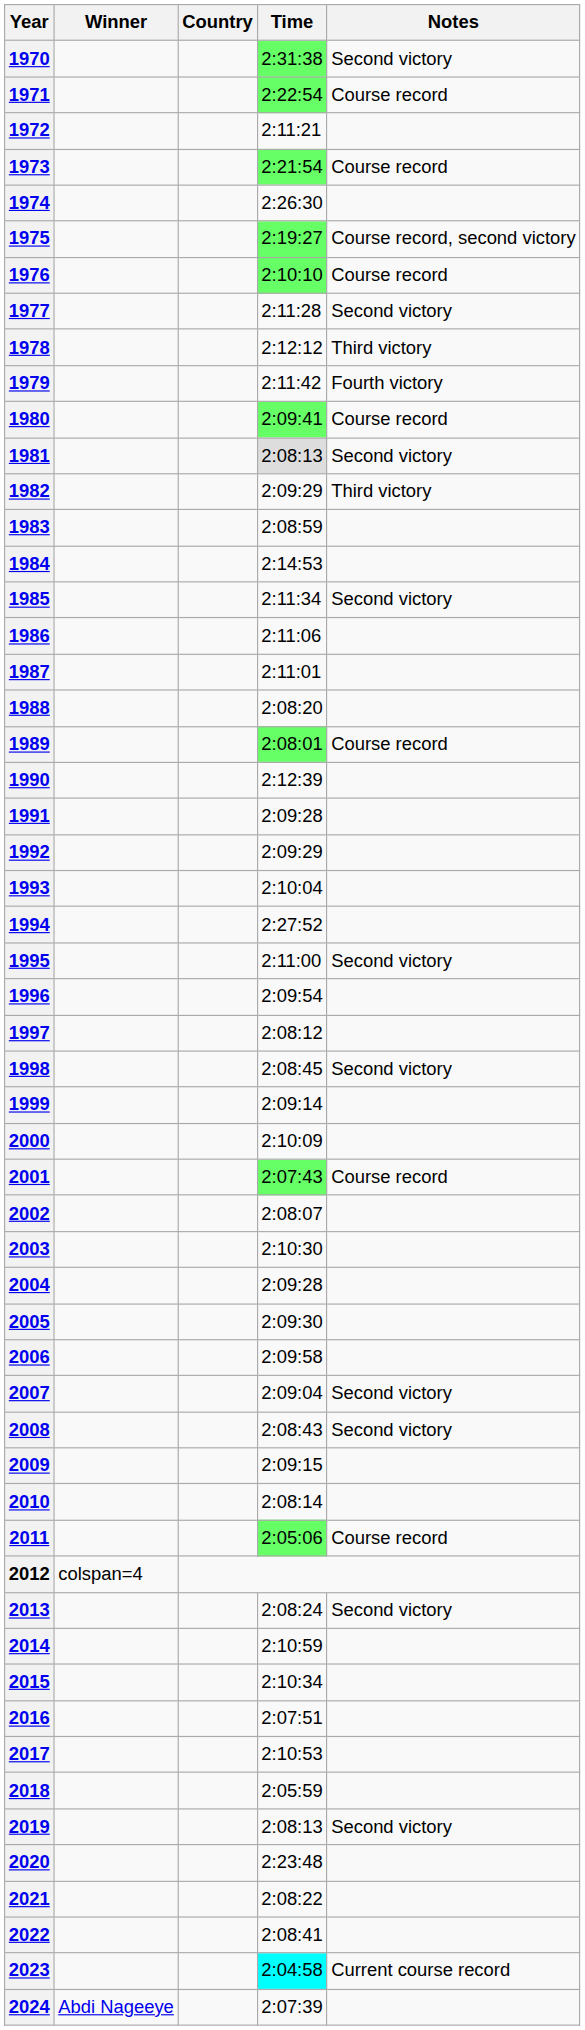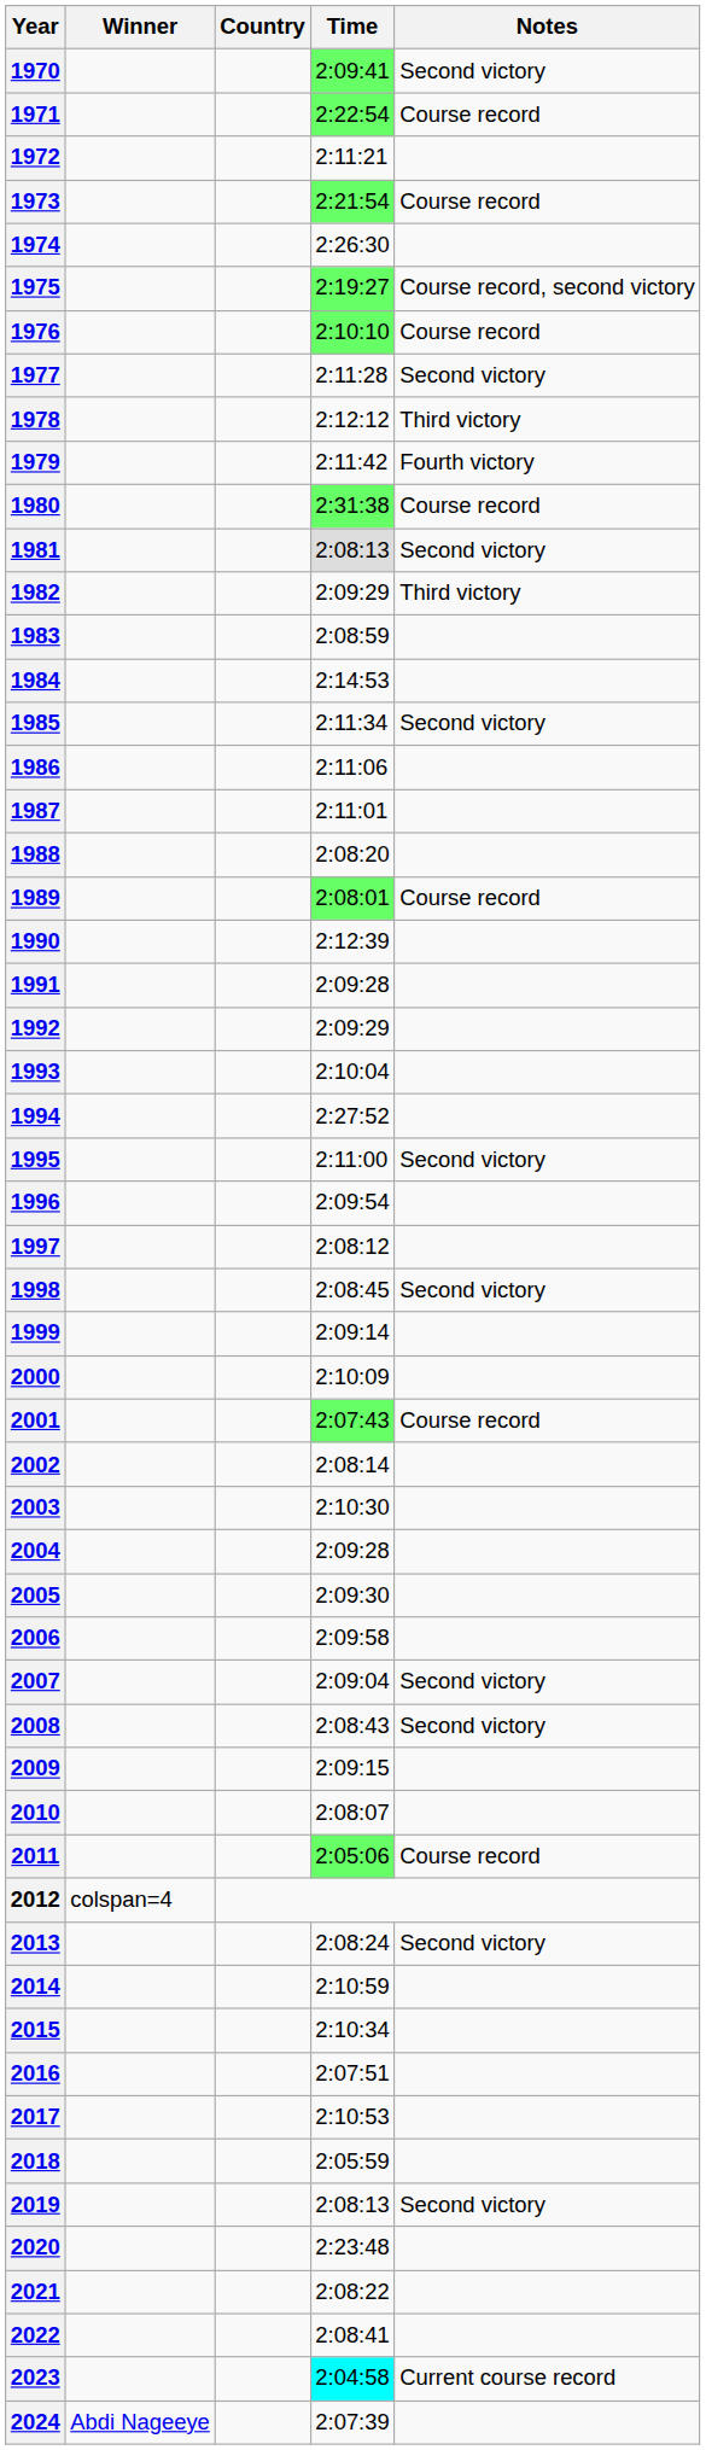 <table class="wikitable sortable" style="font-size:1.00em; line-height:1.5em;">
 <tr>
 <th scope="col">Year</th>
 <th scope="col">Winner</th>
 <th scope="col">Country</th>
 <th scope="col" data-sort-type="time">Time</th>
 <th scope="col" class="unsortable">Notes</th>
 </tr>
 <tr>
 <th scope="row"><a href='#'>1970</a></th>
 <td></td>
 <td></td>
-<td style="background-color:#66ff66">2:31:38</td>
+<td style="background-color:#66ff66">2:09:41</td>
 <td>Second victory</td>
 </tr>
 <tr>
 <th scope="row"><a href='#'>1971</a></th>
 <td></td>
 <td></td>
 <td style="background-color:#66ff66">2:22:54</td>
 <td>Course record</td>
 </tr>
 <tr>
 <th scope="row"><a href='#'>1972</a></th>
 <td></td>
 <td></td>
 <td>2:11:21</td>
 <td></td>
 </tr>
 <tr>
 <th scope="row"><a href='#'>1973</a></th>
 <td></td>
 <td></td>
 <td style="background-color:#66ff66">2:21:54</td>
 <td>Course record</td>
 </tr>
 <tr>
 <th scope="row"><a href='#'>1974</a></th>
 <td></td>
 <td></td>
 <td>2:26:30</td>
 <td></td>
 </tr>
 <tr>
 <th scope="row"><a href='#'>1975</a></th>
 <td></td>
 <td></td>
 <td style="background-color:#66ff66">2:19:27</td>
 <td>Course record, second victory</td>
 </tr>
 <tr>
 <th scope="row"><a href='#'>1976</a></th>
 <td></td>
 <td></td>
 <td style="background-color:#66ff66">2:10:10</td>
 <td>Course record</td>
 </tr>
 <tr>
 <th scope="row"><a href='#'>1977</a></th>
 <td></td>
 <td></td>
 <td>2:11:28</td>
 <td>Second victory</td>
 </tr>
 <tr>
 <th scope="row"><a href='#'>1978</a></th>
 <td></td>
 <td></td>
 <td>2:12:12</td>
 <td>Third victory</td>
 </tr>
 <tr>
 <th scope="row"><a href='#'>1979</a></th>
 <td></td>
 <td></td>
 <td>2:11:42</td>
 <td>Fourth victory</td>
 </tr>
 <tr>
 <th scope="row"><a href='#'>1980</a></th>
 <td></td>
 <td></td>
-<td style="background-color:#66ff66">2:09:41</td>
+<td style="background-color:#66ff66">2:31:38</td>
 <td>Course record</td>
 </tr>
 <tr>
 <th scope="row"><a href='#'>1981</a></th>
 <td></td>
 <td></td>
 <td style="background-color:#dddddd">2:08:13</td>
 <td>Second victory</td>
 </tr>
 <tr>
 <th scope="row"><a href='#'>1982</a></th>
 <td></td>
 <td></td>
 <td>2:09:29</td>
 <td>Third victory</td>
 </tr>
 <tr>
 <th scope="row"><a href='#'>1983</a></th>
 <td></td>
 <td></td>
 <td>2:08:59</td>
 <td></td>
 </tr>
 <tr>
 <th scope="row"><a href='#'>1984</a></th>
 <td></td>
 <td></td>
 <td>2:14:53</td>
 <td></td>
 </tr>
 <tr>
 <th scope="row"><a href='#'>1985</a></th>
 <td></td>
 <td></td>
 <td>2:11:34</td>
 <td>Second victory</td>
 </tr>
 <tr>
 <th scope="row"><a href='#'>1986</a></th>
 <td></td>
 <td></td>
 <td>2:11:06</td>
 <td></td>
 </tr>
 <tr>
 <th scope="row"><a href='#'>1987</a></th>
 <td></td>
 <td></td>
 <td>2:11:01</td>
 <td></td>
 </tr>
 <tr>
 <th scope="row"><a href='#'>1988</a></th>
 <td></td>
 <td></td>
 <td>2:08:20</td>
 <td></td>
 </tr>
 <tr>
 <th scope="row"><a href='#'>1989</a></th>
 <td></td>
 <td></td>
 <td style="background-color:#66ff66">2:08:01</td>
 <td>Course record</td>
 </tr>
 <tr>
 <th scope="row"><a href='#'>1990</a></th>
 <td></td>
 <td></td>
 <td>2:12:39</td>
 <td></td>
 </tr>
 <tr>
 <th scope="row"><a href='#'>1991</a></th>
 <td></td>
 <td></td>
 <td>2:09:28</td>
 <td></td>
 </tr>
 <tr>
 <th scope="row"><a href='#'>1992</a></th>
 <td></td>
 <td></td>
 <td>2:09:29</td>
 <td></td>
 </tr>
 <tr>
 <th scope="row"><a href='#'>1993</a></th>
 <td></td>
 <td></td>
 <td>2:10:04</td>
 <td></td>
 </tr>
 <tr>
 <th scope="row"><a href='#'>1994</a></th>
 <td></td>
 <td></td>
 <td>2:27:52</td>
 <td></td>
 </tr>
 <tr>
 <th scope="row"><a href='#'>1995</a></th>
 <td></td>
 <td></td>
 <td>2:11:00</td>
 <td>Second victory</td>
 </tr>
 <tr>
 <th scope="row"><a href='#'>1996</a></th>
 <td></td>
 <td></td>
 <td>2:09:54</td>
 <td></td>
 </tr>
 <tr>
 <th scope="row"><a href='#'>1997</a></th>
 <td></td>
 <td></td>
 <td>2:08:12</td>
 <td></td>
 </tr>
 <tr>
 <th scope="row"><a href='#'>1998</a></th>
 <td></td>
 <td></td>
 <td>2:08:45</td>
 <td>Second victory</td>
 </tr>
 <tr>
 <th scope="row"><a href='#'>1999</a></th>
 <td></td>
 <td></td>
 <td>2:09:14</td>
 <td></td>
 </tr>
 <tr>
 <th scope="row"><a href='#'>2000</a></th>
 <td></td>
 <td></td>
 <td>2:10:09</td>
 <td></td>
 </tr>
 <tr>
 <th scope="row"><a href='#'>2001</a></th>
 <td></td>
 <td></td>
 <td style="background-color:#66ff66">2:07:43</td>
 <td>Course record</td>
 </tr>
 <tr>
 <th scope="row"><a href='#'>2002</a></th>
 <td></td>
 <td></td>
-<td>2:08:07</td>
+<td>2:08:14</td>
 <td></td>
 </tr>
 <tr>
 <th scope="row"><a href='#'>2003</a></th>
 <td></td>
 <td></td>
 <td>2:10:30</td>
 <td></td>
 </tr>
 <tr>
 <th scope="row"><a href='#'>2004</a></th>
 <td></td>
 <td></td>
 <td>2:09:28</td>
 <td></td>
 </tr>
 <tr>
 <th scope="row"><a href='#'>2005</a></th>
 <td></td>
 <td></td>
 <td>2:09:30</td>
 <td></td>
 </tr>
 <tr>
 <th scope="row"><a href='#'>2006</a></th>
 <td></td>
 <td></td>
 <td>2:09:58</td>
 <td></td>
 </tr>
 <tr>
 <th scope="row"><a href='#'>2007</a></th>
 <td></td>
 <td></td>
 <td>2:09:04</td>
 <td>Second victory</td>
 </tr>
 <tr>
 <th scope="row"><a href='#'>2008</a></th>
 <td></td>
 <td></td>
 <td>2:08:43</td>
 <td>Second victory</td>
 </tr>
 <tr>
 <th scope="row"><a href='#'>2009</a></th>
 <td></td>
 <td></td>
 <td>2:09:15</td>
 <td></td>
 </tr>
 <tr>
 <th scope="row"><a href='#'>2010</a></th>
 <td></td>
 <td></td>
-<td>2:08:14</td>
+<td>2:08:07</td>
 <td></td>
 </tr>
 <tr>
 <th scope="row"><a href='#'>2011</a></th>
 <td></td>
 <td></td>
 <td style="background-color:#66ff66">2:05:06</td>
 <td>Course record</td>
 </tr>
 <tr>
 <th scope="row">2012</th>
 <td>colspan=4 </td>
 </tr>
 <tr>
 <th scope="row"><a href='#'>2013</a></th>
 <td></td>
 <td></td>
 <td>2:08:24</td>
 <td>Second victory</td>
 </tr>
 <tr>
 <th scope="row"><a href='#'>2014</a></th>
 <td></td>
 <td></td>
 <td>2:10:59</td>
 <td></td>
 </tr>
 <tr>
 <th scope="row"><a href='#'>2015</a></th>
 <td></td>
 <td></td>
 <td>2:10:34</td>
 <td></td>
 </tr>
 <tr>
 <th scope="row"><a href='#'>2016</a></th>
 <td></td>
 <td></td>
 <td>2:07:51</td>
 <td></td>
 </tr>
 <tr>
 <th scope="row"><a href='#'>2017</a></th>
 <td></td>
 <td></td>
 <td>2:10:53</td>
 <td></td>
 </tr>
 <tr>
 <th scope="row"><a href='#'>2018</a></th>
 <td></td>
 <td></td>
 <td>2:05:59</td>
 <td></td>
 </tr>
 <tr>
 <th scope="row"><a href='#'>2019</a></th>
 <td></td>
 <td></td>
 <td>2:08:13</td>
 <td>Second victory</td>
 </tr>
 <tr>
 <th scope="row"><a href='#'>2020</a></th>
 <td></td>
 <td></td>
 <td>2:23:48</td>
 <td></td>
 </tr>
 <tr>
 <th scope="row"><a href='#'>2021</a></th>
 <td></td>
 <td></td>
 <td>2:08:22</td>
 <td></td>
 </tr>
 <tr>
 <th scope="row"><a href='#'>2022</a></th>
 <td></td>
 <td></td>
 <td>2:08:41</td>
 <td></td>
 </tr>
 <tr>
 <th scope="row"><a href='#'>2023</a></th>
 <td></td>
 <td></td>
 <td style="background-color:#00ffff">2:04:58</td>
 <td>Current course record</td>
 </tr>
 <tr>
 <th><a href='#'>2024</a></th>
 <td><a href='#'>Abdi Nageeye</a></td>
 <td></td>
 <td>2:07:39</td>
 <td></td>
 </tr>
 </table>
